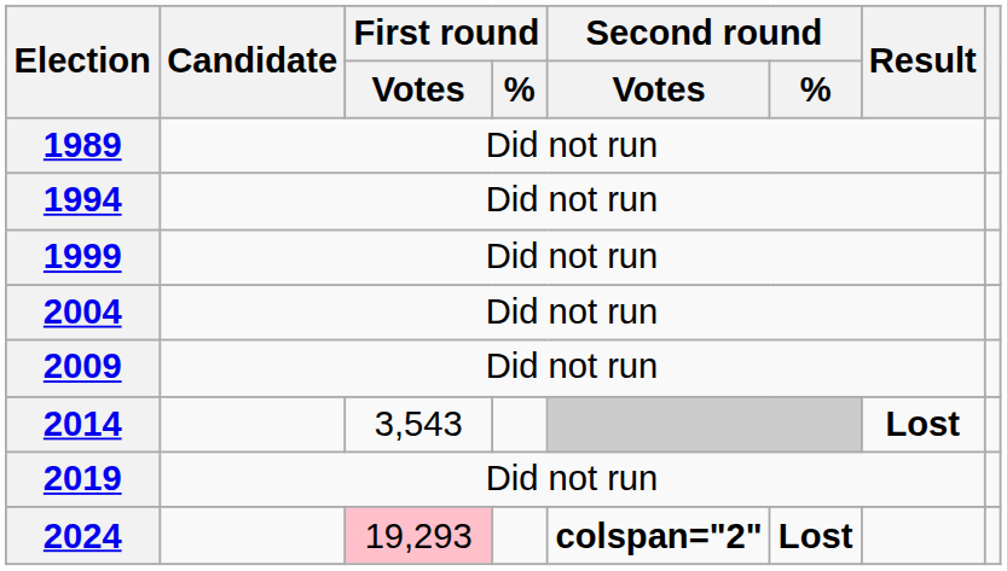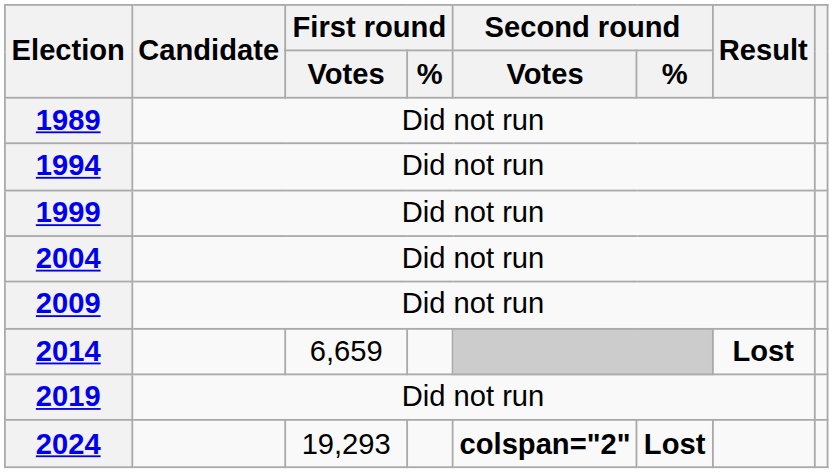 <table class="wikitable" style="text-align:center">
 <tr>
 <th rowspan="2"><strong>Election</strong></th>
 <th rowspan="2">Candidate</th>
 <th colspan="2" scope="col">First round</th>
 <th colspan="2">Second round</th>
 <th rowspan="2">Result</th>
 <th rowspan="2"></th>
 </tr>
 <tr>
 <th><strong>Votes</strong></th>
 <th><strong>%</strong></th>
 <th><strong>Votes</strong></th>
 <th><strong>%</strong></th>
 </tr>
 <tr>
 <th><a href='#'>1989</a></th>
 <td colspan="6">Did not run</td>
 <td></td>
 </tr>
 <tr>
 <th><a href='#'>1994</a></th>
 <td colspan="6">Did not run</td>
 <td></td>
 </tr>
 <tr>
 <th><a href='#'>1999</a></th>
 <td colspan="6">Did not run</td>
 <td></td>
 </tr>
 <tr>
 <th><a href='#'>2004</a></th>
 <td colspan="6">Did not run</td>
 <td></td>
 </tr>
 <tr>
 <th><a href='#'>2009</a></th>
 <td colspan="6">Did not run</td>
 <td></td>
 </tr>
 <tr>
 <th><a href='#'>2014</a></th>
 <td></td>
-<td>3,543</td>
+<td>6,659</td>
 <td></td>
 <td style="background-color:#ccc" colspan="2"></td>
 <td><strong>Lost</strong> </td>
 <td></td>
 </tr>
 <tr>
 <th><a href='#'>2019</a></th>
 <td colspan="6">Did not run</td>
 <td></td>
 </tr>
 <tr>
 <th><a href='#'>2024</a></th>
 <td></td>
-<td style="background: pink;">19,293</td>
+<td>19,293</td>
 <td></td>
 <td><strong>colspan="2" </strong></td>
 <td><strong>Lost</strong> </td>
 <td></td>
 </tr>
 </table>
